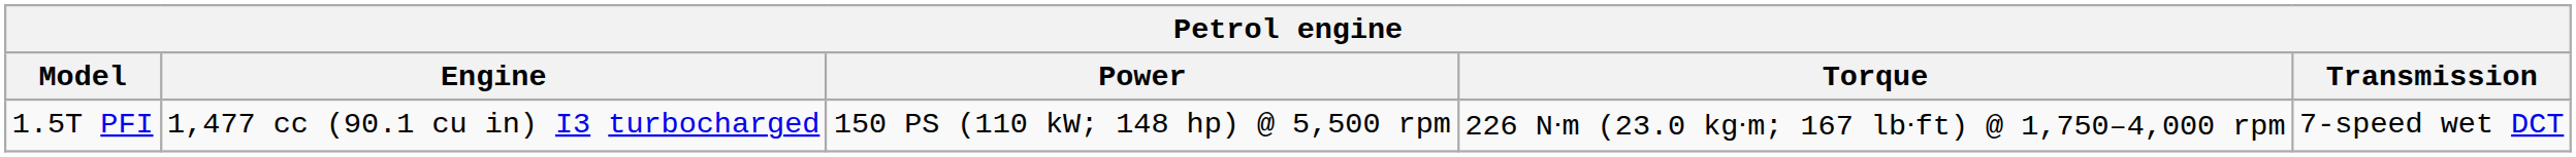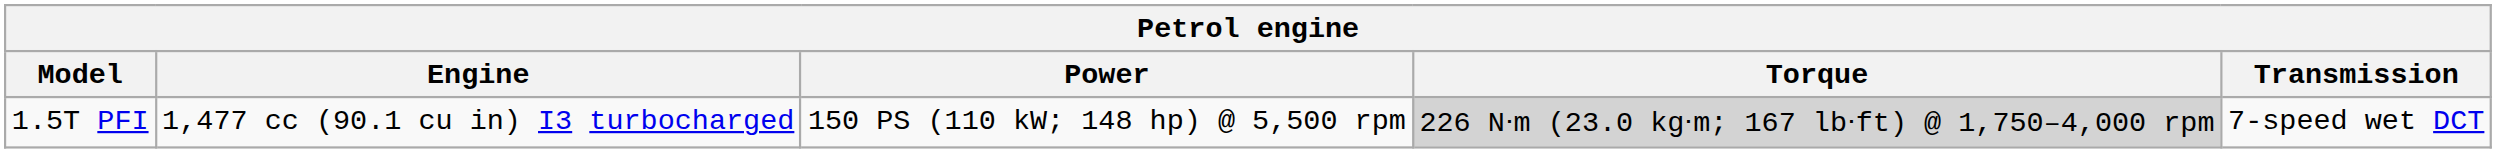 <table class="wikitable">
 <tr>
 <th colspan="5">Petrol engine</th>
 </tr>
 <tr>
 <th>Model</th>
 <th>Engine</th>
 <th>Power</th>
 <th>Torque</th>
 <th>Transmission</th>
 </tr>
 <tr>
 <td>1.5T <a href='#'>PFI</a></td>
 <td>1,477 cc (90.1 cu in) <a href='#'>I3</a> <a href='#'>turbocharged</a></td>
 <td>150 PS (110 kW; 148 hp) @ 5,500 rpm</td>
-<td>226 N⋅m (23.0 kg⋅m; 167 lb⋅ft) @ 1,750–4,000 rpm</td>
+<td style="background: lightgrey;">226 N⋅m (23.0 kg⋅m; 167 lb⋅ft) @ 1,750–4,000 rpm</td>
 <td>7-speed wet <a href='#'>DCT</a></td>
 </tr>
 </table>
